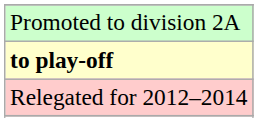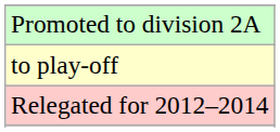 <table class="wikitable">
 <tr>
 </tr>
 <tr width=10px bgcolor="#ccffcc">
 <td>Promoted to division 2A</td>
 </tr>
 <tr width=10px bgcolor="#ffffcc">
-<td><strong>to play-off</strong></td>
+<td>to play-off</td>
 </tr>
 <tr width=10px bgcolor="#ffcccc">
 <td>Relegated for 2012–2014</td>
 </tr>
 <tr>
 </tr>
 <tr>
 </tr>
 </table>
